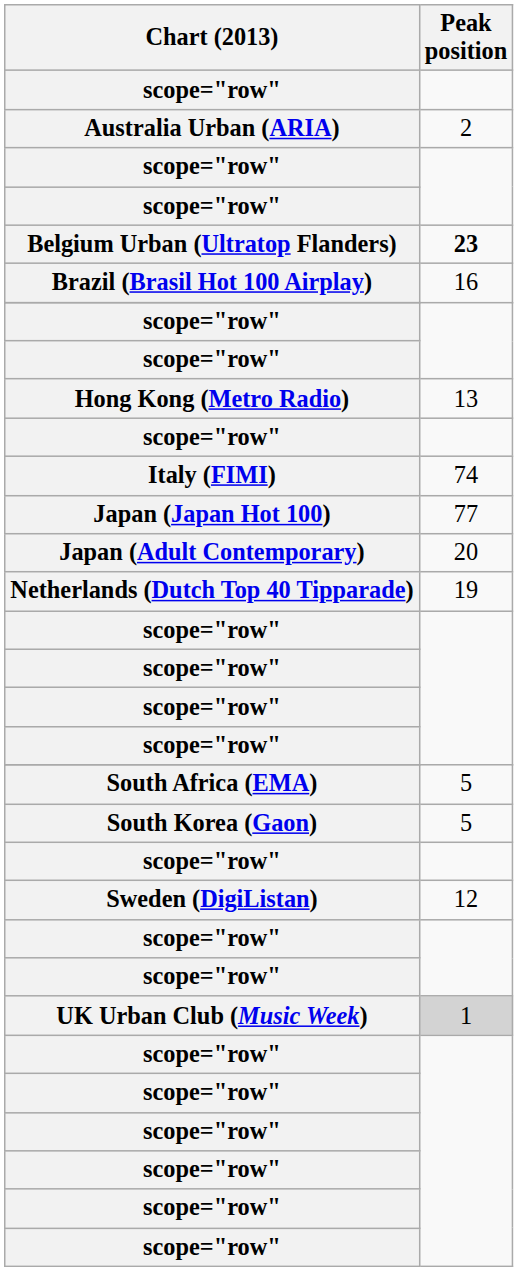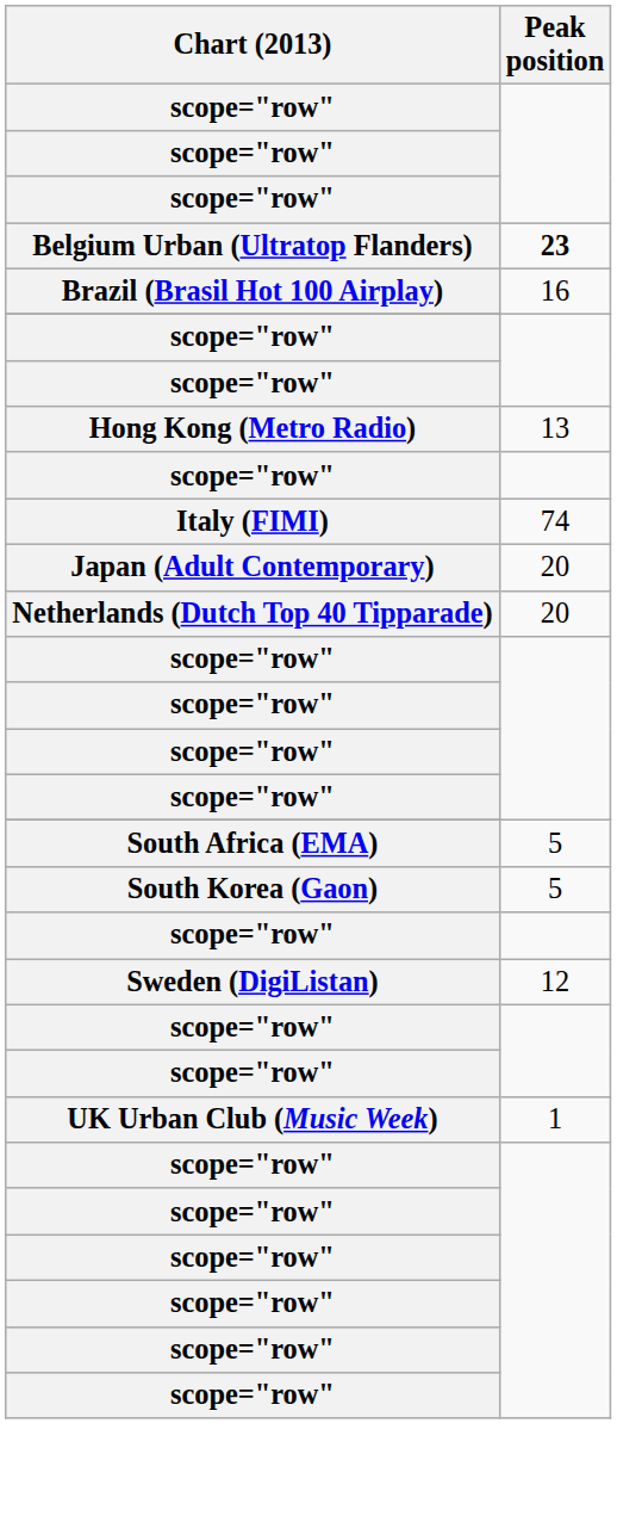 <table class="wikitable sortable plainrowheaders" style="text-align:center">
 <tr>
 <th scope="col">Chart (2013)</th>
 <th scope="col">Peak<br>position</th>
 </tr>
 <tr>
 <th>scope="row"</th>
-</tr>
-<tr>
-<th scope="row">Australia Urban (<a href='#'>ARIA</a>)</th>
-<td>2</td>
 </tr>
 <tr>
 <th>scope="row"</th>
 </tr>
 <tr>
 <th>scope="row"</th>
 </tr>
 <tr>
 <th scope="row">Belgium Urban (<a href='#'>Ultratop</a> Flanders)</th>
 <td><strong>23</strong></td>
 </tr>
 <tr>
 <th scope="row">Brazil (<a href='#'>Brasil Hot 100 Airplay</a>)</th>
 <td>16</td>
 </tr>
 <tr>
 </tr>
 <tr>
 </tr>
 <tr>
 </tr>
 <tr>
 <th>scope="row"</th>
 </tr>
 <tr>
 <th>scope="row"</th>
 </tr>
 <tr>
 <th scope="row">Hong Kong (<a href='#'>Metro Radio</a>)</th>
 <td style="text-align:center;">13</td>
 </tr>
 <tr>
 <th>scope="row"</th>
 </tr>
 <tr>
 <th scope="row">Italy (<a href='#'>FIMI</a>)</th>
 <td>74</td>
 </tr>
 <tr>
-<th scope="row">Japan (<a href='#'>Japan Hot 100</a>)</th>
-<td>77</td>
-</tr>
-<tr>
 <th scope="row">Japan (<a href='#'>Adult Contemporary</a>)</th>
 <td>20</td>
 </tr>
 <tr>
 <th scope="row">Netherlands (<a href='#'>Dutch Top 40 Tipparade</a>)</th>
-<td>19</td>
+<td>20</td>
 </tr>
 <tr>
 <th>scope="row"</th>
 </tr>
 <tr>
 <th>scope="row"</th>
 </tr>
 <tr>
 <th>scope="row"</th>
 </tr>
 <tr>
 <th>scope="row"</th>
 </tr>
 <tr>
 </tr>
 <tr>
 <th scope="row">South Africa (<a href='#'>EMA</a>)</th>
 <td>5</td>
 </tr>
 <tr>
 <th scope="row">South Korea (<a href='#'>Gaon</a>)</th>
 <td>5</td>
 </tr>
 <tr>
 <th>scope="row"</th>
 </tr>
 <tr>
 <th scope="row">Sweden (<a href='#'>DigiListan</a>)</th>
 <td align="center">12</td>
 </tr>
 <tr>
 <th>scope="row" </th>
 </tr>
 <tr>
 <th>scope="row" </th>
 </tr>
 <tr>
 <th scope="row">UK Urban Club (<em><a href='#'>Music Week</a></em>)</th>
-<td style="background: lightgrey;">1</td>
+<td>1</td>
 </tr>
 <tr>
 <th>scope="row" </th>
 </tr>
 <tr>
 <th>scope="row" </th>
 </tr>
 <tr>
 <th>scope="row" </th>
 </tr>
 <tr>
 <th>scope="row" </th>
 </tr>
 <tr>
 <th>scope="row" </th>
 </tr>
 <tr>
 <th>scope="row" </th>
 </tr>
 </table>
